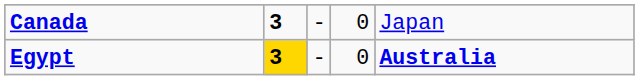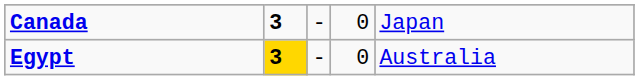 <table class="wikitable">
 <tr>
 <td width=150> <strong><a href='#'>Canada</a></strong></td>
 <td width=20 align="left"><strong>3</strong></td>
 <td>-</td>
 <td width=20 align="right">0</td>
 <td width=150> <a href='#'>Japan</a></td>
 </tr>
 <tr>
 <td> <strong><a href='#'>Egypt</a></strong></td>
 <td align="left" style="background: gold;"><strong>3</strong></td>
 <td>-</td>
 <td align="right">0</td>
-<td><strong> <a href='#'>Australia</a></strong></td>
+<td> <a href='#'>Australia</a></td>
 </tr>
 </table>
